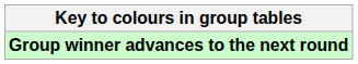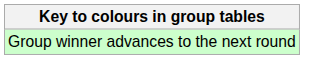 <table class="wikitable">
 <tr>
 <th>Key to colours in group tables</th>
 </tr>
 <tr bgcolor=#ccffcc>
-<td><strong>Group winner advances to the next round</strong></td>
+<td>Group winner advances to the next round</td>
 </tr>
 </table>
